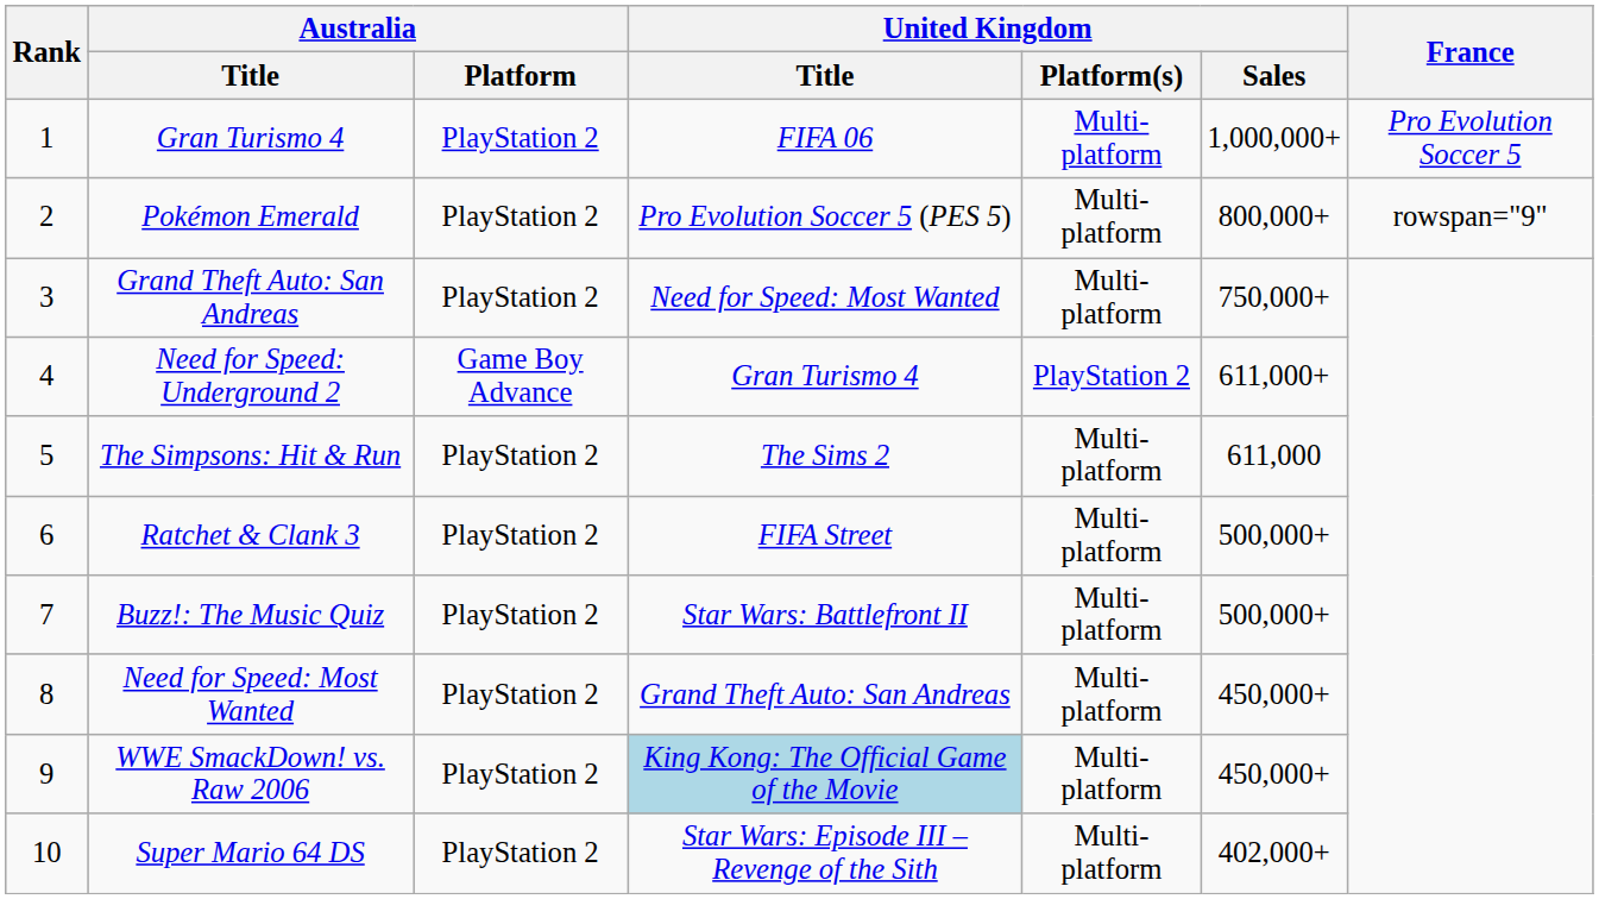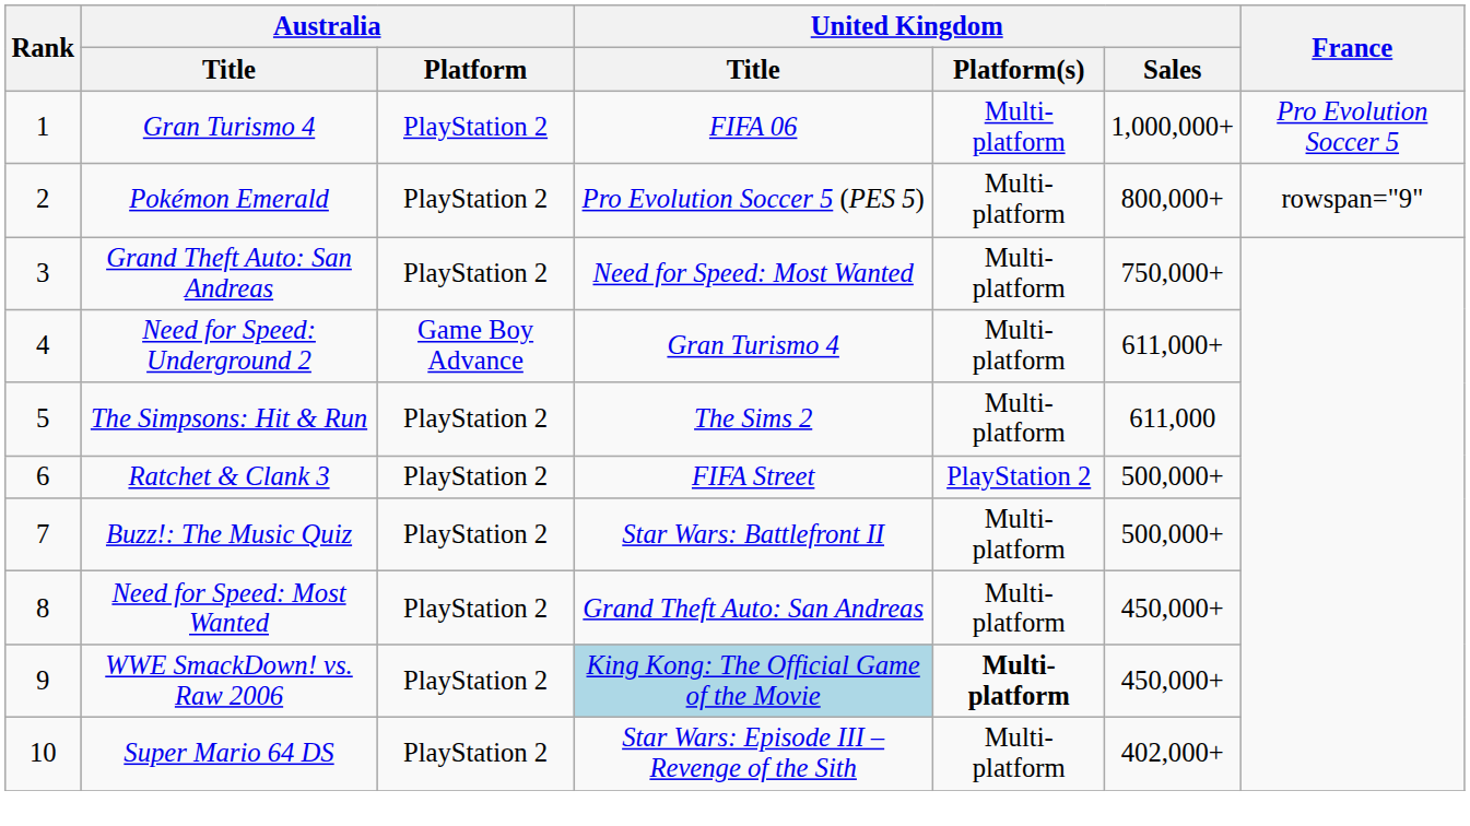 <table class="wikitable sortable" style="text-align:center">
 <tr>
 <th rowspan="2">Rank</th>
 <th colspan="2"><a href='#'>Australia</a></th>
 <th colspan="3"><a href='#'>United Kingdom</a></th>
 <th rowspan="2"><a href='#'>France</a></th>
 </tr>
 <tr>
 <th>Title</th>
 <th>Platform</th>
 <th>Title</th>
 <th>Platform(s)</th>
 <th>Sales</th>
 </tr>
 <tr>
 <td>1</td>
 <td><em><a href='#'>Gran Turismo 4</a></em></td>
 <td><a href='#'>PlayStation 2</a></td>
 <td><em><a href='#'>FIFA 06</a></em></td>
 <td><a href='#'>Multi-platform</a></td>
 <td>1,000,000+</td>
 <td><em><a href='#'>Pro Evolution Soccer 5</a></em></td>
 </tr>
 <tr>
 <td>2</td>
 <td><em><a href='#'>Pokémon Emerald</a></em></td>
 <td>PlayStation 2</td>
 <td><em><a href='#'>Pro Evolution Soccer 5</a></em> (<em>PES 5</em>)</td>
 <td>Multi-platform</td>
 <td>800,000+</td>
 <td>rowspan="9" </td>
 </tr>
 <tr>
 <td>3</td>
 <td><em><a href='#'>Grand Theft Auto: San Andreas</a></em></td>
 <td>PlayStation 2</td>
 <td><a href='#'><em>Need for Speed: Most Wanted</em></a></td>
 <td>Multi-platform</td>
 <td>750,000+</td>
 </tr>
 <tr>
 <td>4</td>
 <td><em><a href='#'>Need for Speed: Underground 2</a></em></td>
 <td><a href='#'>Game Boy Advance</a></td>
 <td><em><a href='#'>Gran Turismo 4</a></em></td>
-<td><a href='#'>PlayStation 2</a></td>
+<td>Multi-platform</td>
 <td>611,000+</td>
 </tr>
 <tr>
 <td>5</td>
 <td><em><a href='#'>The Simpsons: Hit & Run</a></em></td>
 <td>PlayStation 2</td>
 <td><em><a href='#'>The Sims 2</a></em></td>
 <td>Multi-platform</td>
 <td>611,000</td>
 </tr>
 <tr>
 <td>6</td>
 <td><em><a href='#'>Ratchet & Clank 3</a></em></td>
 <td>PlayStation 2</td>
 <td><a href='#'><em>FIFA Street</em></a></td>
-<td>Multi-platform</td>
+<td><a href='#'>PlayStation 2</a></td>
 <td>500,000+</td>
 </tr>
 <tr>
 <td>7</td>
 <td><em><a href='#'>Buzz!: The Music Quiz</a></em></td>
 <td>PlayStation 2</td>
 <td><em><a href='#'>Star Wars: Battlefront II</a></em></td>
 <td>Multi-platform</td>
 <td>500,000+</td>
 </tr>
 <tr>
 <td>8</td>
 <td><a href='#'><em>Need for Speed: Most Wanted</em></a></td>
 <td>PlayStation 2</td>
 <td><em><a href='#'>Grand Theft Auto: San Andreas</a></em></td>
 <td>Multi-platform</td>
 <td>450,000+</td>
 </tr>
 <tr>
 <td>9</td>
 <td><em><a href='#'>WWE SmackDown! vs. Raw 2006</a></em></td>
 <td>PlayStation 2</td>
 <td style="background: lightblue;"><a href='#'><em>King Kong: The Official Game of the Movie</em></a></td>
-<td>Multi-platform</td>
+<td><strong>Multi-platform</strong></td>
 <td>450,000+</td>
 </tr>
 <tr>
 <td>10</td>
 <td><em><a href='#'>Super Mario 64 DS</a></em></td>
 <td>PlayStation 2</td>
 <td><a href='#'><em>Star Wars: Episode III – Revenge of the Sith</em></a></td>
 <td>Multi-platform</td>
 <td>402,000+</td>
 </tr>
 </table>
